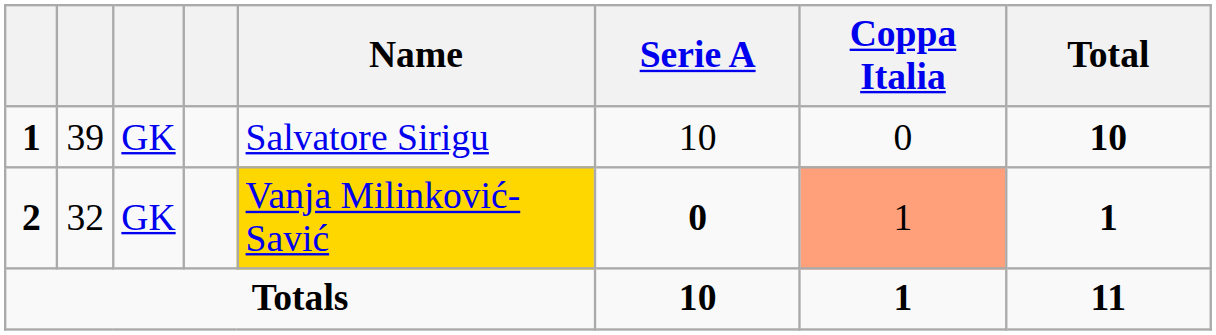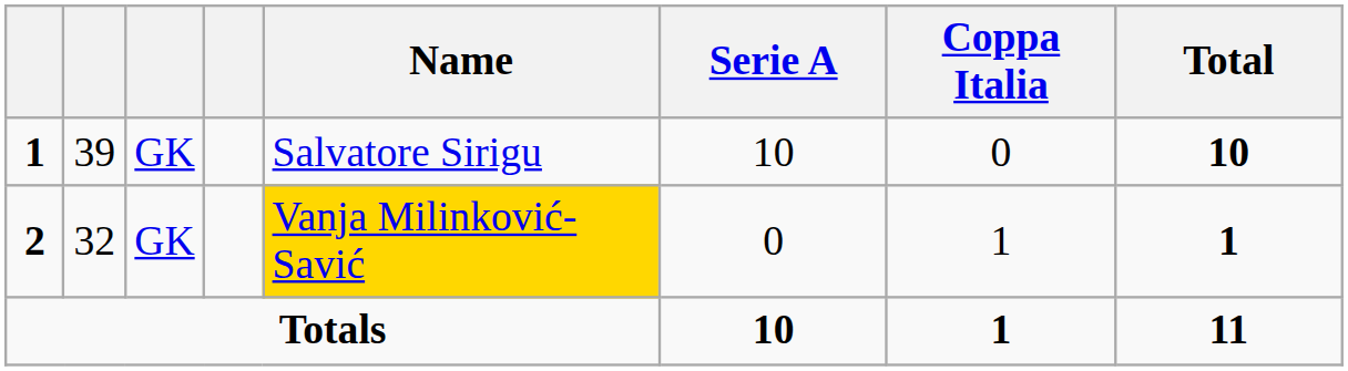 <table class="wikitable" style="text-align:center">
 <tr>
 <th width=15></th>
 <th width=15></th>
 <th width=15></th>
 <th width=15></th>
 <th width=145>Name</th>
 <th width=80><strong><a href='#'>Serie A</a></strong></th>
 <th width=80><strong><a href='#'>Coppa Italia</a></strong></th>
 <th width=80>Total</th>
 </tr>
 <tr>
 <td><strong>1</strong></td>
 <td>39</td>
 <td><a href='#'>GK</a></td>
 <td></td>
 <td align=left><a href='#'>Salvatore Sirigu</a></td>
 <td>10</td>
 <td>0</td>
 <td><strong>10</strong></td>
 </tr>
 <tr>
 <td><strong>2</strong></td>
 <td>32</td>
 <td><a href='#'>GK</a></td>
 <td></td>
 <td align=left style="background: gold;"><a href='#'>Vanja Milinković-Savić</a></td>
-<td><strong>0</strong></td>
-<td style="background: lightsalmon;">1</td>
+<td>0</td>
+<td>1</td>
 <td><strong>1</strong></td>
 </tr>
 <tr>
 <td colspan=5><strong>Totals</strong></td>
 <td><strong>10</strong></td>
 <td><strong>1</strong></td>
 <td><strong>11</strong></td>
 </tr>
 </table>
